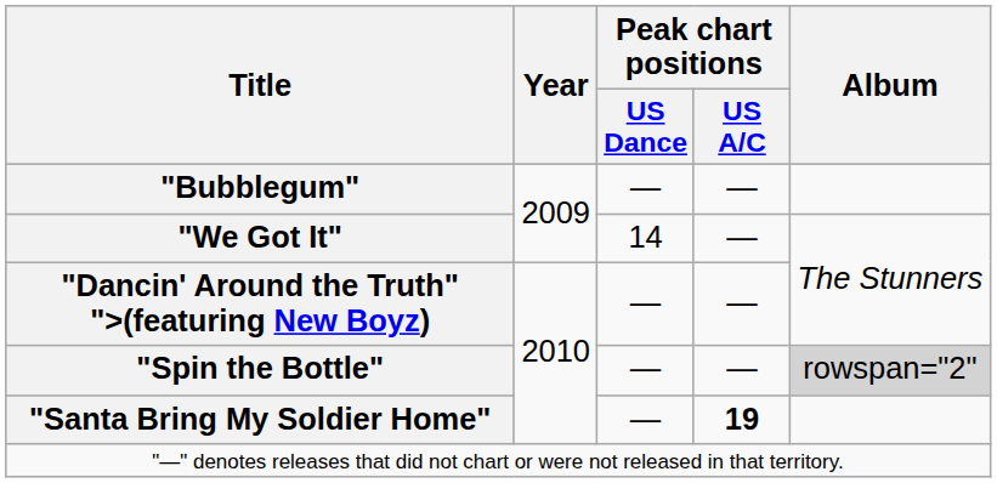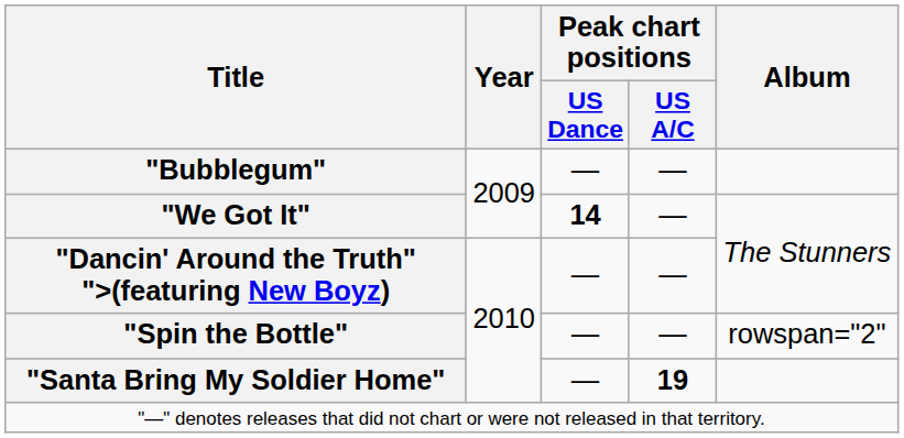 <table class="wikitable plainrowheaders" style="text-align:center;" border="1">
 <tr>
 <th scope="col" rowspan="2" style="width:16em;">Title</th>
 <th scope="col" rowspan="2">Year</th>
 <th scope="col" colspan="2">Peak chart<br>positions</th>
 <th scope="col" rowspan="2">Album</th>
 </tr>
 <tr>
 <th scope="col" style="width:3em;font-size:90%;"><a href='#'>US<br>Dance</a><br></th>
 <th scope="col" style="width:3em;font-size:90%;"><a href='#'>US<br>A/C</a><br></th>
 </tr>
 <tr>
 <th scope="row">"Bubblegum"</th>
 <td rowspan="2">2009</td>
 <td>—</td>
 <td>—</td>
 <td></td>
 </tr>
 <tr>
 <th scope="row">"We Got It"</th>
-<td>14</td>
+<td><strong>14</strong></td>
 <td>—</td>
 <td rowspan="2"><em>The Stunners</em></td>
 </tr>
 <tr>
 <th scope="row">"Dancin' Around the Truth"<br><span>">(featuring <a href='#'>New Boyz</a>)</span></th>
 <td rowspan="3">2010</td>
 <td>—</td>
 <td>—</td>
 </tr>
 <tr>
 <th scope="row">"Spin the Bottle"</th>
 <td>—</td>
 <td>—</td>
-<td style="background: lightgrey;">rowspan="2" </td>
+<td>rowspan="2" </td>
 </tr>
 <tr>
 <th scope="row">"Santa Bring My Soldier Home"</th>
 <td>—</td>
 <td><strong>19</strong></td>
 </tr>
 <tr>
 <td align="center" colspan="15" style="font-size:8pt">"—" denotes releases that did not chart or were not released in that territory.</td>
 </tr>
 </table>
